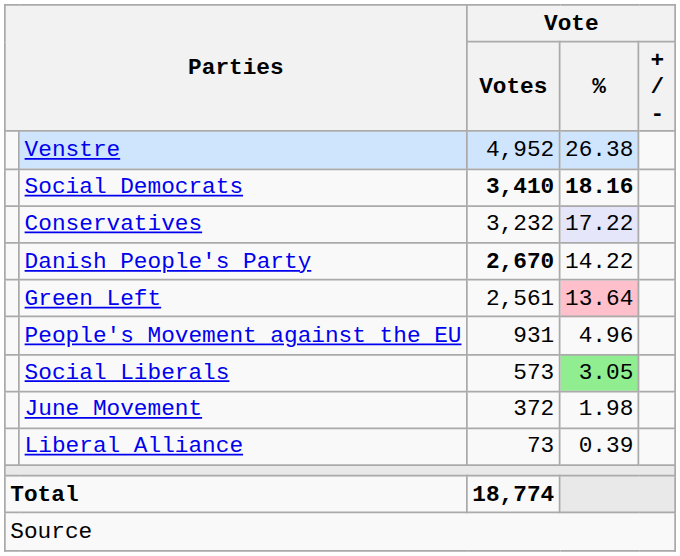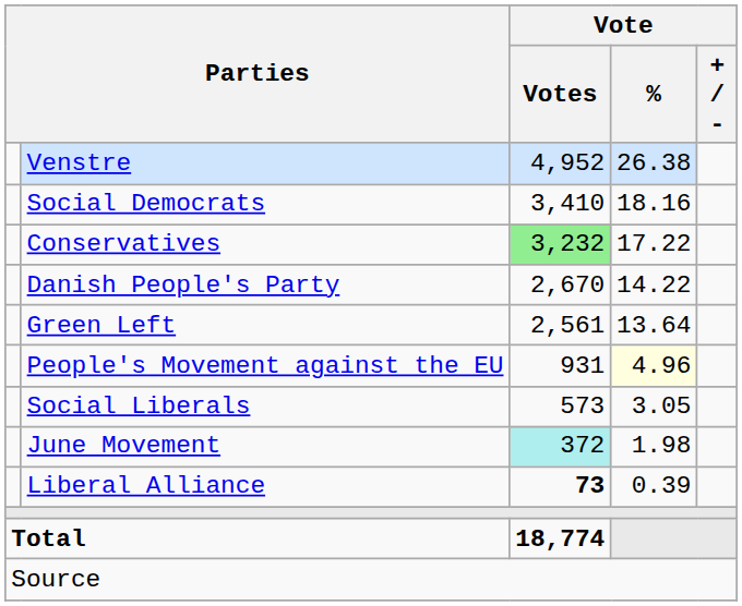 <table class="wikitable" style="text-align:right;">
 <tr>
 <th style="text-align:centre;" rowspan="2" colspan="2" width="225">Parties</th>
 <th colspan="3">Vote</th>
 </tr>
 <tr>
 <th width="15">Votes</th>
 <th width="15">%</th>
 <th width="15">+ / -</th>
 </tr>
 <tr>
 <td width="2" style="color:inherit;background:"></td>
 <td bgcolor=#cfe5fe   align="left"><a href='#'>Venstre</a></td>
 <td bgcolor=#cfe5fe>4,952</td>
 <td bgcolor=#cfe5fe>26.38</td>
 <td></td>
 </tr>
 <tr>
 <td width="2" style="color:inherit;background:"></td>
 <td align="left"><a href='#'>Social Democrats</a></td>
-<td><strong>3,410</strong></td>
-<td><strong>18.16</strong></td>
+<td>3,410</td>
+<td>18.16</td>
 <td></td>
 </tr>
 <tr>
 <td width="2" style="color:inherit;background:"></td>
 <td align="left"><a href='#'>Conservatives</a></td>
-<td>3,232</td>
-<td style="background: lavender;">17.22</td>
+<td style="background: lightgreen;">3,232</td>
+<td>17.22</td>
 <td></td>
 </tr>
 <tr>
 <td width="2" style="color:inherit;background:"></td>
 <td align="left"><a href='#'>Danish People's Party</a></td>
-<td><strong>2,670</strong></td>
+<td>2,670</td>
 <td>14.22</td>
 <td></td>
 </tr>
 <tr>
 <td width="2" style="color:inherit;background:"></td>
 <td align="left"><a href='#'>Green Left</a></td>
 <td>2,561</td>
-<td style="background: pink;">13.64</td>
+<td>13.64</td>
 <td></td>
 </tr>
 <tr>
 <td width="2" style="color:inherit;background:"></td>
 <td align="left"><a href='#'>People's Movement against the EU</a></td>
 <td>931</td>
-<td>4.96</td>
+<td style="background: lightyellow;">4.96</td>
 <td></td>
 </tr>
 <tr>
 <td width="2" style="color:inherit;background:"></td>
 <td align="left"><a href='#'>Social Liberals</a></td>
 <td>573</td>
-<td style="background: lightgreen;">3.05</td>
+<td>3.05</td>
 <td></td>
 </tr>
 <tr>
 <td width="2" style="color:inherit;background:"></td>
 <td align="left"><a href='#'>June Movement</a></td>
-<td>372</td>
+<td style="background: paleturquoise;">372</td>
 <td>1.98</td>
 <td></td>
 </tr>
 <tr>
 <td width="2" style="color:inherit;background:"></td>
 <td align="left"><a href='#'>Liberal Alliance</a></td>
-<td>73</td>
+<td><strong>73</strong></td>
 <td>0.39</td>
 <td></td>
 </tr>
 <tr>
 <td colspan="7" bgcolor="#E9E9E9"></td>
 </tr>
 <tr>
 <td align="left" colspan="2"><strong>Total</strong></td>
 <td><strong>18,774</strong></td>
 <td bgcolor="#E9E9E9" colspan="2"></td>
 </tr>
 <tr>
 <td align="left" colspan="6">Source</td>
 </tr>
 </table>
